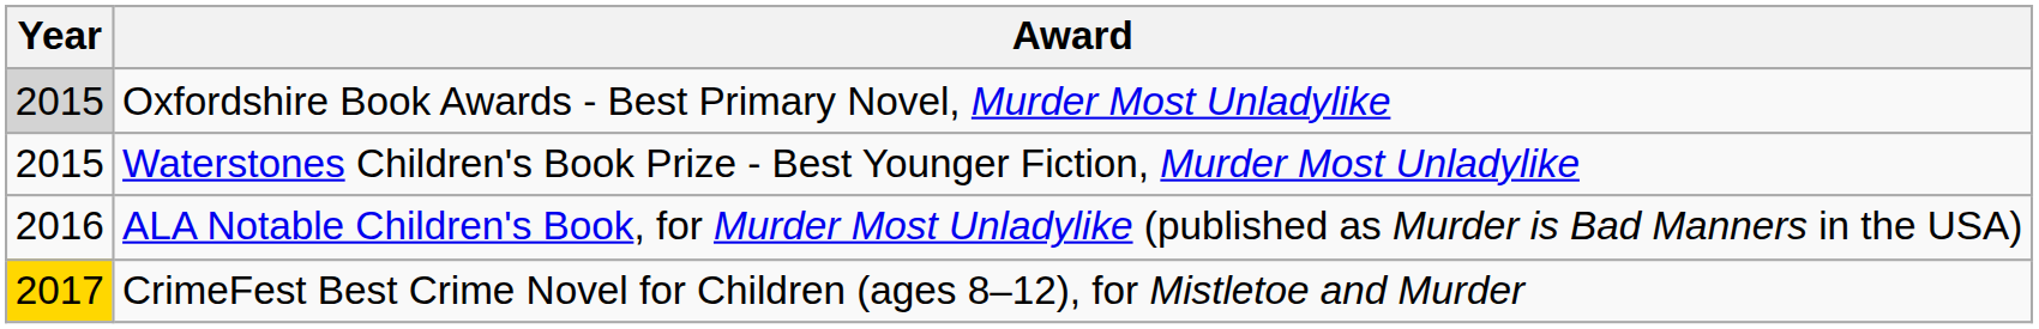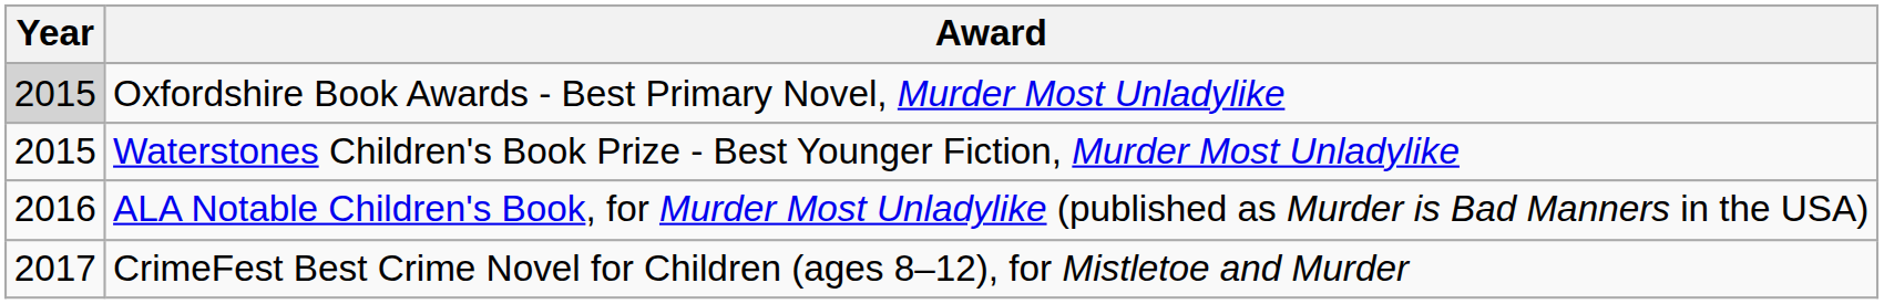 <table class="wikitable">
 <tr>
 <th>Year</th>
 <th>Award</th>
 </tr>
 <tr>
 <td style="background: lightgrey;">2015</td>
 <td>Oxfordshire Book Awards - Best Primary Novel, <em><a href='#'>Murder Most Unladylike</a></em></td>
 </tr>
 <tr>
 <td>2015</td>
 <td><a href='#'>Waterstones</a> Children's Book Prize - Best Younger Fiction, <em><a href='#'>Murder Most Unladylike</a></em></td>
 </tr>
 <tr>
 <td>2016</td>
 <td><a href='#'>ALA Notable Children's Book</a>, for <em><a href='#'>Murder Most Unladylike</a></em> (published as <em>Murder is Bad Manners</em> in the USA)</td>
 </tr>
 <tr>
-<td style="background: gold;">2017</td>
+<td>2017</td>
 <td>CrimeFest Best Crime Novel for Children (ages 8–12), for <em>Mistletoe and Murder</em></td>
 </tr>
 </table>
